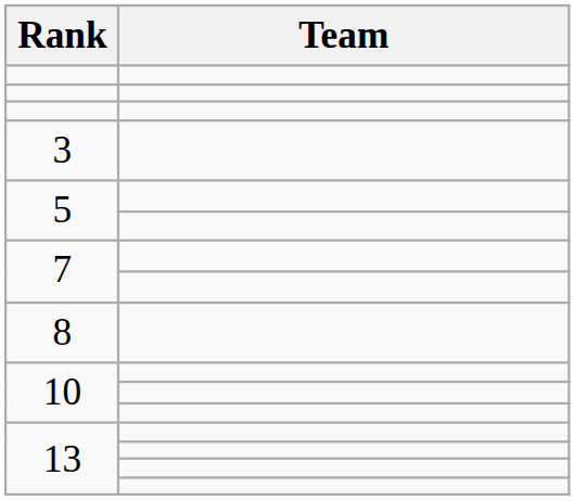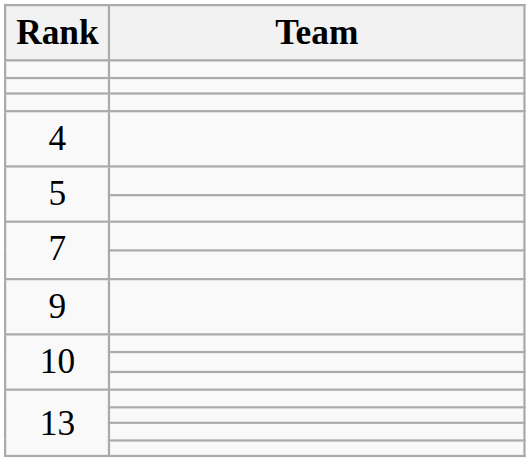 <table class="wikitable" style="text-align: center;">
 <tr>
 <th width=40>Rank</th>
 <th width=180>Team</th>
 </tr>
 <tr align=center>
 <td></td>
 <td style="text-align:left;"></td>
 </tr>
 <tr align=center>
 <td></td>
 <td style="text-align:left;"></td>
 </tr>
 <tr align=center>
 <td></td>
 <td style="text-align:left;"></td>
 </tr>
 <tr align=center>
-<td>3</td>
+<td>4</td>
 <td style="text-align:left;"></td>
 </tr>
 <tr align=center>
 <td rowspan=2>5</td>
 <td style="text-align:left;"></td>
 </tr>
 <tr align=center>
 <td style="text-align:left;"></td>
 </tr>
 <tr align=center>
 <td rowspan=2>7</td>
 <td style="text-align:left;"></td>
 </tr>
 <tr align=center>
 <td style="text-align:left;"></td>
 </tr>
 <tr align=center>
-<td>8</td>
+<td>9</td>
 <td style="text-align:left;"></td>
 </tr>
 <tr align=center>
 <td rowspan=3>10</td>
 <td style="text-align:left;"></td>
 </tr>
 <tr align=center>
 <td style="text-align:left;"></td>
 </tr>
 <tr align=center>
 <td style="text-align:left;"></td>
 </tr>
 <tr align=center>
 <td rowspan=4>13</td>
 <td style="text-align:left;"></td>
 </tr>
 <tr align=center>
 <td style="text-align:left;"></td>
 </tr>
 <tr align=center>
 <td style="text-align:left;"></td>
 </tr>
 <tr align=center>
 <td style="text-align:left;"></td>
 </tr>
 </table>
